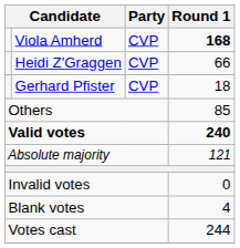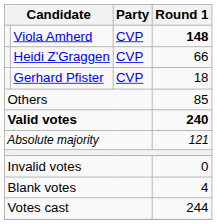 <table class="wikitable" style="text-align:right;">
 <tr>
 <th colspan=2>Candidate</th>
 <th>Party</th>
 <th>Round 1</th>
 </tr>
 <tr>
 <td style="background-color:"></td>
 <td style="text-align:left;"><a href='#'>Viola Amherd</a></td>
 <td style="text-align:left;"><a href='#'>CVP</a></td>
-<td><strong>168</strong></td>
+<td><strong>148</strong></td>
 </tr>
 <tr>
 <td style="background-color:"></td>
 <td style="text-align:left;"><a href='#'>Heidi Z'Graggen</a></td>
 <td style="text-align:left;"><a href='#'>CVP</a></td>
 <td>66</td>
 </tr>
 <tr>
 <td style="background-color:"></td>
 <td style="text-align:left;"><a href='#'>Gerhard Pfister</a></td>
 <td style="text-align:left;"><a href='#'>CVP</a></td>
 <td>18</td>
 </tr>
 <tr>
 <td colspan=3 style="text-align:left;">Others</td>
 <td>85</td>
 </tr>
 <tr style="font-weight:bold;">
 <td colspan=3 style="text-align:left;">Valid votes</td>
 <td>240</td>
 </tr>
 <tr style="font-style:italic; font-size:90%;">
 <td colspan=3 style="text-align:left;">Absolute majority</td>
 <td>121</td>
 </tr>
 <tr>
 <th colspan=10></th>
 </tr>
 <tr>
 <td colspan=3 style="text-align:left;">Invalid votes</td>
 <td>0</td>
 </tr>
 <tr>
 <td colspan=3 style="text-align:left;">Blank votes</td>
 <td>4</td>
 </tr>
 <tr>
 <td colspan=3 style="text-align:left;">Votes cast</td>
 <td>244</td>
 </tr>
 <tr>
 </tr>
 </table>
